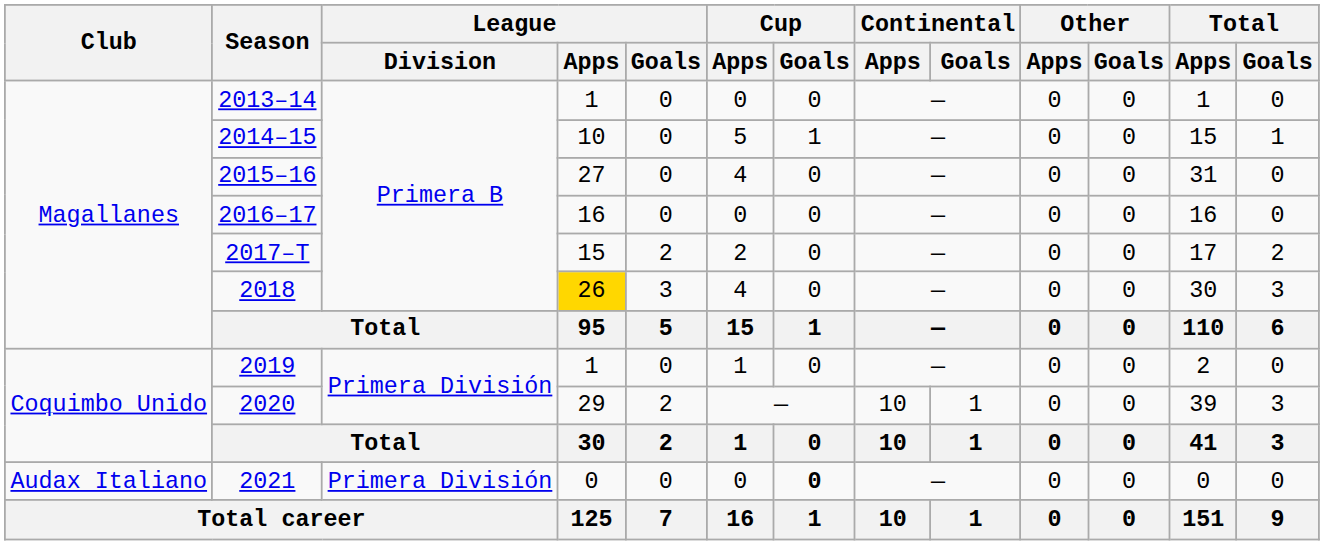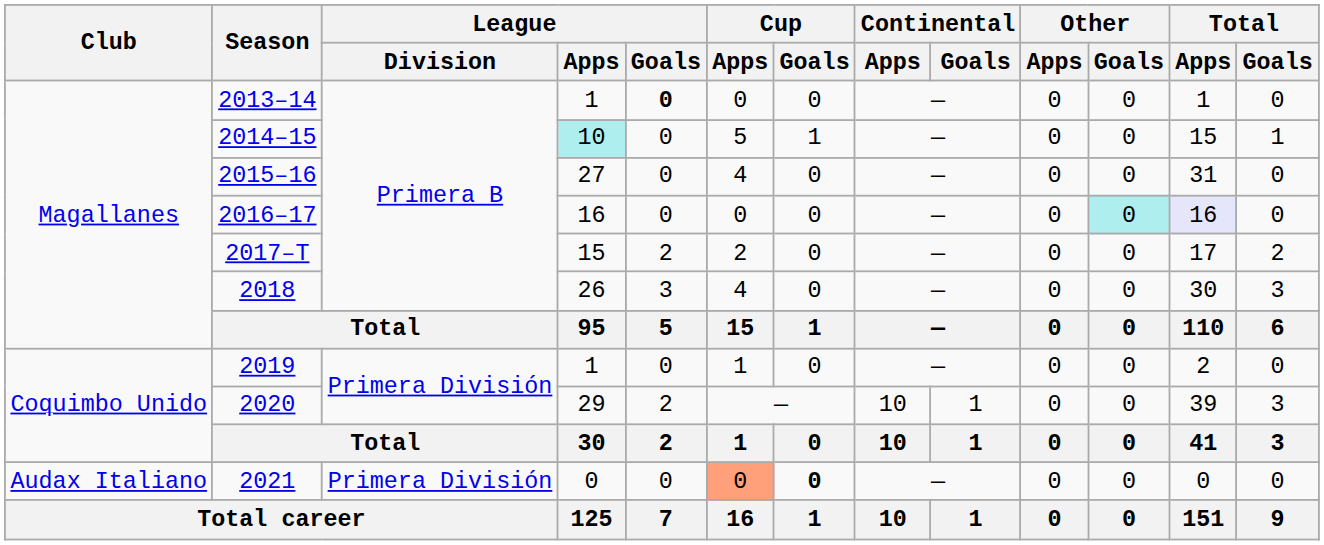 <table class="wikitable" style="text-align: center">
 <tr>
 <th rowspan="2">Club</th>
 <th rowspan="2">Season</th>
 <th colspan="3">League</th>
 <th colspan="2">Cup</th>
 <th colspan="2">Continental</th>
 <th colspan="2">Other</th>
 <th colspan="2">Total</th>
 </tr>
 <tr>
 <th>Division</th>
 <th>Apps</th>
 <th>Goals</th>
 <th>Apps</th>
 <th>Goals</th>
 <th>Apps</th>
 <th>Goals</th>
 <th>Apps</th>
 <th>Goals</th>
 <th>Apps</th>
 <th>Goals</th>
 </tr>
 <tr>
 <td rowspan="7"><a href='#'>Magallanes</a></td>
 <td><a href='#'>2013–14</a></td>
 <td rowspan="6"><a href='#'>Primera B</a></td>
 <td>1</td>
-<td>0</td>
+<td><strong>0</strong></td>
 <td>0</td>
 <td>0</td>
 <td colspan="2">—</td>
 <td>0</td>
 <td>0</td>
 <td>1</td>
 <td>0</td>
 </tr>
 <tr>
 <td><a href='#'>2014–15</a></td>
-<td>10</td>
+<td style="background: paleturquoise;">10</td>
 <td>0</td>
 <td>5</td>
 <td>1</td>
 <td colspan="2">—</td>
 <td>0</td>
 <td>0</td>
 <td>15</td>
 <td>1</td>
 </tr>
 <tr>
 <td><a href='#'>2015–16</a></td>
 <td>27</td>
 <td>0</td>
 <td>4</td>
 <td>0</td>
 <td colspan="2">—</td>
 <td>0</td>
 <td>0</td>
 <td>31</td>
 <td>0</td>
 </tr>
 <tr>
 <td><a href='#'>2016–17</a></td>
 <td>16</td>
 <td>0</td>
 <td>0</td>
 <td>0</td>
 <td colspan="2">—</td>
 <td>0</td>
-<td>0</td>
-<td>16</td>
+<td style="background: paleturquoise;">0</td>
+<td style="background: lavender;">16</td>
 <td>0</td>
 </tr>
 <tr>
 <td><a href='#'>2017–T</a></td>
 <td>15</td>
 <td>2</td>
 <td>2</td>
 <td>0</td>
 <td colspan="2">—</td>
 <td>0</td>
 <td>0</td>
 <td>17</td>
 <td>2</td>
 </tr>
 <tr>
 <td><a href='#'>2018</a></td>
-<td style="background: gold;">26</td>
+<td>26</td>
 <td>3</td>
 <td>4</td>
 <td>0</td>
 <td colspan="2">—</td>
 <td>0</td>
 <td>0</td>
 <td>30</td>
 <td>3</td>
 </tr>
 <tr>
 <th colspan="2"><strong>Total</strong></th>
 <th>95</th>
 <th>5</th>
 <th>15</th>
 <th>1</th>
 <th colspan="2">—</th>
 <th>0</th>
 <th>0</th>
 <th>110</th>
 <th>6</th>
 </tr>
 <tr>
 <td rowspan="3"><a href='#'>Coquimbo Unido</a></td>
 <td><a href='#'>2019</a></td>
 <td rowspan="2"><a href='#'>Primera División</a></td>
 <td>1</td>
 <td>0</td>
 <td>1</td>
 <td>0</td>
 <td colspan="2">—</td>
 <td>0</td>
 <td>0</td>
 <td>2</td>
 <td>0</td>
 </tr>
 <tr>
 <td><a href='#'>2020</a></td>
 <td>29</td>
 <td>2</td>
 <td colspan="2">—</td>
 <td>10</td>
 <td>1</td>
 <td>0</td>
 <td>0</td>
 <td>39</td>
 <td>3</td>
 </tr>
 <tr>
 <th colspan="2"><strong>Total</strong></th>
 <th>30</th>
 <th>2</th>
 <th>1</th>
 <th>0</th>
 <th>10</th>
 <th>1</th>
 <th>0</th>
 <th>0</th>
 <th>41</th>
 <th>3</th>
 </tr>
 <tr>
 <td><a href='#'>Audax Italiano</a></td>
 <td><a href='#'>2021</a></td>
 <td><a href='#'>Primera División</a></td>
 <td>0</td>
 <td>0</td>
-<td>0</td>
+<td style="background: lightsalmon;">0</td>
 <td><strong>0</strong></td>
 <td colspan="2">—</td>
 <td>0</td>
 <td>0</td>
 <td>0</td>
 <td>0</td>
 </tr>
 <tr>
 <th colspan="3"><strong>Total career</strong></th>
 <th>125</th>
 <th>7</th>
 <th>16</th>
 <th>1</th>
 <th>10</th>
 <th>1</th>
 <th>0</th>
 <th>0</th>
 <th>151</th>
 <th>9</th>
 </tr>
 </table>
